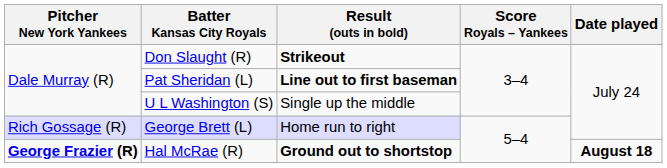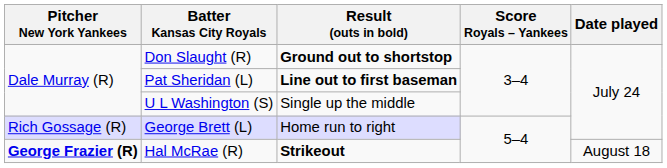 <table class="wikitable plainrowheaders" style="text-align:left">
 <tr>
 <th scope="col">Pitcher<br><small>New York Yankees</small></th>
 <th scope="col">Batter<br><small>Kansas City Royals</small></th>
 <th scope="col">Result<br><small>(outs in bold)</small></th>
 <th scope="col">Score<br><small>Royals – Yankees</small></th>
 <th scope="col">Date played</th>
 </tr>
 <tr>
 <td rowspan=3><a href='#'>Dale Murray</a> (R)</td>
 <td><a href='#'>Don Slaught</a> (R)</td>
-<td><strong>Strikeout</strong></td>
+<td><strong>Ground out to shortstop</strong></td>
 <td rowspan=3 style="text-align:center;">3–4</td>
 <td rowspan=4 style="text-align:center;">July 24</td>
 </tr>
 <tr>
 <td><a href='#'>Pat Sheridan</a> (L)</td>
 <td><strong>Line out to first baseman</strong></td>
 </tr>
 <tr>
 <td><a href='#'>U L Washington</a> (S)</td>
 <td>Single up the middle</td>
 </tr>
 <tr>
 <td style="background:#ddf;"><a href='#'>Rich Gossage</a> (R)</td>
 <td style="background:#ddf;"><a href='#'>George Brett</a> (L)</td>
 <td style="background:#ddf;">Home run to right</td>
 <td rowspan=2 style="text-align:center;">5–4</td>
 </tr>
 <tr>
 <td><strong><a href='#'>George Frazier</a> (R)</strong></td>
 <td><a href='#'>Hal McRae</a> (R)</td>
-<td><strong>Ground out to shortstop</strong></td>
-<td style="text-align: center;"><strong>August 18</strong></td>
+<td><strong>Strikeout</strong></td>
+<td style="text-align: center;">August 18</td>
 </tr>
 </table>
